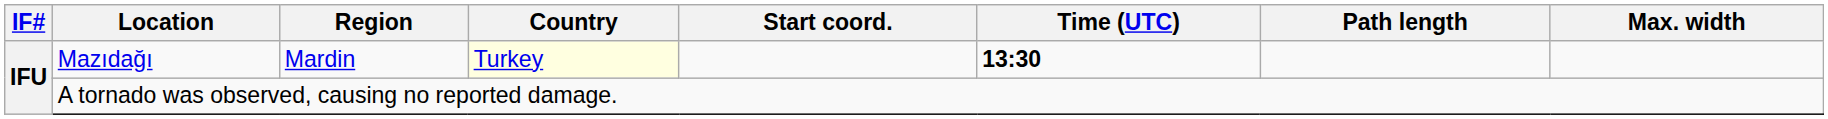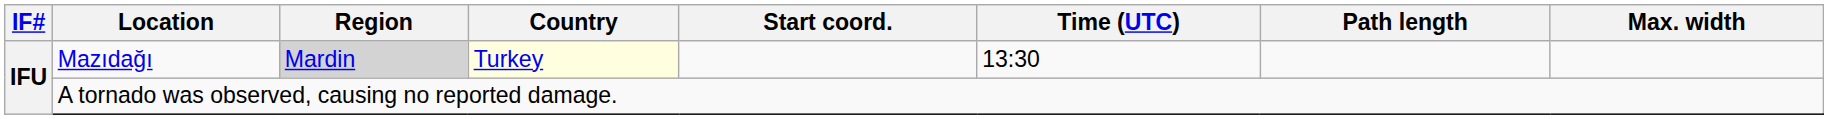 <table class="wikitable sortable" style="width:100%;">
 <tr>
 <th scope="col" width="2%" align="center"><a href='#'>IF#</a></th>
 <th scope="col" align="center" class="unsortable">Location</th>
 <th scope="col" align="center" class="unsortable">Region</th>
 <th scope="col" align="center">Country</th>
 <th scope="col" align="center">Start coord.</th>
 <th scope="col" align="center">Time (<a href='#'>UTC</a>)</th>
 <th scope="col" align="center">Path length</th>
 <th scope="col" align="center">Max. width</th>
 </tr>
 <tr>
 <th scope="row" rowspan="2" style="background-color:#">IFU</th>
 <td><a href='#'>Mazıdağı</a></td>
-<td><a href='#'>Mardin</a></td>
+<td style="background: lightgrey;"><a href='#'>Mardin</a></td>
 <td style="background: lightyellow;"><a href='#'>Turkey</a></td>
 <td></td>
-<td><strong>13:30</strong></td>
+<td>13:30</td>
 <td></td>
 <td></td>
 </tr>
 <tr class="expand-child">
 <td colspan="8" style=" border-bottom: 1px solid black;">A tornado was observed, causing no reported damage.</td>
 </tr>
 </table>
